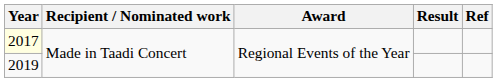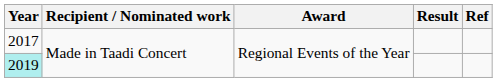 <table class="wikitable">
 <tr>
 <th>Year</th>
 <th>Recipient / Nominated work</th>
 <th>Award</th>
 <th>Result</th>
 <th>Ref</th>
 </tr>
 <tr>
-<td style="background: lightyellow;">2017</td>
+<td>2017</td>
 <td rowspan="2">Made in Taadi Concert</td>
 <td rowspan="2">Regional Events of the Year</td>
 <td></td>
 <td></td>
 </tr>
 <tr>
-<td>2019</td>
+<td style="background: paleturquoise;">2019</td>
 <td></td>
 <td></td>
 </tr>
 </table>
